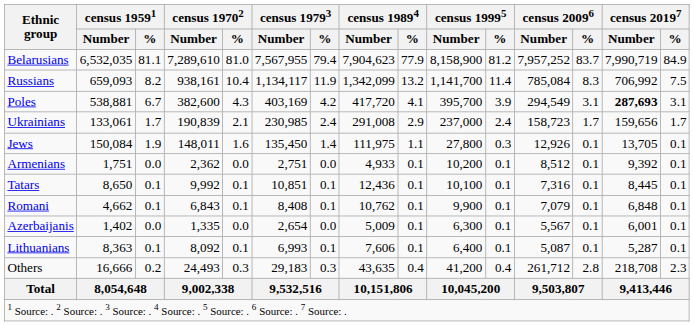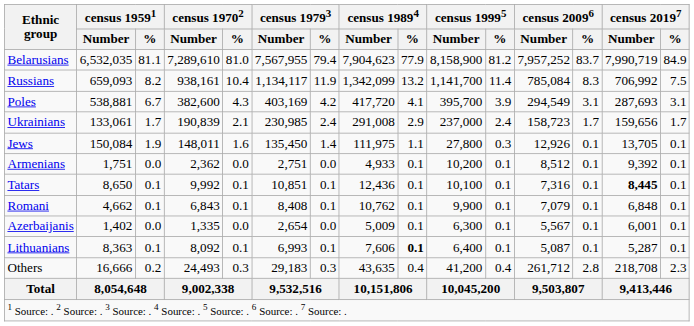 <table class="wikitable">
 <tr bgcolor="#e0e0e0">
 <th rowspan="2">Ethnic<br>group</th>
 <th colspan="2">census 1959<sup>1</sup></th>
 <th colspan="2">census 1970<sup>2</sup></th>
 <th colspan="2">census 1979<sup>3</sup></th>
 <th colspan="2">census 1989<sup>4</sup></th>
 <th colspan="2">census 1999<sup>5</sup></th>
 <th colspan="2">census 2009<sup>6</sup></th>
 <th colspan="2">census 2019<sup>7</sup></th>
 </tr>
 <tr bgcolor="#e0e0e0">
 <th>Number</th>
 <th>%</th>
 <th>Number</th>
 <th>%</th>
 <th>Number</th>
 <th>%</th>
 <th>Number</th>
 <th>%</th>
 <th>Number</th>
 <th>%</th>
 <th>Number</th>
 <th>%</th>
 <th>Number</th>
 <th>%</th>
 </tr>
 <tr>
 <td><a href='#'>Belarusians</a></td>
 <td align="right">6,532,035</td>
 <td align="right">81.1</td>
 <td align="right">7,289,610</td>
 <td align="right">81.0</td>
 <td align="right">7,567,955</td>
 <td align="right">79.4</td>
 <td align="right">7,904,623</td>
 <td align="right">77.9</td>
 <td align="right">8,158,900</td>
 <td align="right">81.2</td>
 <td align="right">7,957,252</td>
 <td align="right">83.7</td>
 <td align="right">7,990,719</td>
 <td align="right">84.9</td>
 </tr>
 <tr>
 <td><a href='#'>Russians</a></td>
 <td align="right">659,093</td>
 <td align="right">8.2</td>
 <td align="right">938,161</td>
 <td align="right">10.4</td>
 <td align="right">1,134,117</td>
 <td align="right">11.9</td>
 <td align="right">1,342,099</td>
 <td align="right">13.2</td>
 <td align="right">1,141,700</td>
 <td align="right">11.4</td>
 <td align="right">785,084</td>
 <td align="right">8.3</td>
 <td align="right">706,992</td>
 <td align="right">7.5</td>
 </tr>
 <tr>
 <td><a href='#'>Poles</a></td>
 <td align="right">538,881</td>
 <td align="right">6.7</td>
 <td align="right">382,600</td>
 <td align="right">4.3</td>
 <td align="right">403,169</td>
 <td align="right">4.2</td>
 <td align="right">417,720</td>
 <td align="right">4.1</td>
 <td align="right">395,700</td>
 <td align="right">3.9</td>
 <td align="right">294,549</td>
 <td align="right">3.1</td>
-<td align="right"><strong>287,693</strong></td>
+<td align="right">287,693</td>
 <td align="right">3.1</td>
 </tr>
 <tr>
 <td><a href='#'>Ukrainians</a></td>
 <td align="right">133,061</td>
 <td align="right">1.7</td>
 <td align="right">190,839</td>
 <td align="right">2.1</td>
 <td align="right">230,985</td>
 <td align="right">2.4</td>
 <td align="right">291,008</td>
 <td align="right">2.9</td>
 <td align="right">237,000</td>
 <td align="right">2.4</td>
 <td align="right">158,723</td>
 <td align="right">1.7</td>
 <td align="right">159,656</td>
 <td align="right">1.7</td>
 </tr>
 <tr>
 <td><a href='#'>Jews</a></td>
 <td align="right">150,084</td>
 <td align="right">1.9</td>
 <td align="right">148,011</td>
 <td align="right">1.6</td>
 <td align="right">135,450</td>
 <td align="right">1.4</td>
 <td align="right">111,975</td>
 <td align="right">1.1</td>
 <td align="right">27,800</td>
 <td align="right">0.3</td>
 <td align="right">12,926</td>
 <td align="right">0.1</td>
 <td align="right">13,705</td>
 <td align="right">0.1</td>
 </tr>
 <tr>
 <td><a href='#'>Armenians</a></td>
 <td align="right">1,751</td>
 <td align="right">0.0</td>
 <td align="right">2,362</td>
 <td align="right">0.0</td>
 <td align="right">2,751</td>
 <td align="right">0.0</td>
 <td align="right">4,933</td>
 <td align="right">0.1</td>
 <td align="right">10,200</td>
 <td align="right">0.1</td>
 <td align="right">8,512</td>
 <td align="right">0.1</td>
 <td align="right">9,392</td>
 <td align="right">0.1</td>
 </tr>
 <tr>
 <td><a href='#'>Tatars</a></td>
 <td align="right">8,650</td>
 <td align="right">0.1</td>
 <td align="right">9,992</td>
 <td align="right">0.1</td>
 <td align="right">10,851</td>
 <td align="right">0.1</td>
 <td align="right">12,436</td>
 <td align="right">0.1</td>
 <td align="right">10,100</td>
 <td align="right">0.1</td>
 <td align="right">7,316</td>
 <td align="right">0.1</td>
-<td align="right">8,445</td>
+<td align="right"><strong>8,445</strong></td>
 <td align="right">0.1</td>
 </tr>
 <tr>
 <td><a href='#'>Romani</a></td>
 <td align="right">4,662</td>
 <td align="right">0.1</td>
 <td align="right">6,843</td>
 <td align="right">0.1</td>
 <td align="right">8,408</td>
 <td align="right">0.1</td>
 <td align="right">10,762</td>
 <td align="right">0.1</td>
 <td align="right">9,900</td>
 <td align="right">0.1</td>
 <td align="right">7,079</td>
 <td align="right">0.1</td>
 <td align="right">6,848</td>
 <td align="right">0.1</td>
 </tr>
 <tr>
 <td><a href='#'>Azerbaijanis</a></td>
 <td align="right">1,402</td>
 <td align="right">0.0</td>
 <td align="right">1,335</td>
 <td align="right">0.0</td>
 <td align="right">2,654</td>
 <td align="right">0.0</td>
 <td align="right">5,009</td>
 <td align="right">0.1</td>
 <td align="right">6,300</td>
 <td align="right">0.1</td>
 <td align="right">5,567</td>
 <td align="right">0.1</td>
 <td align="right">6,001</td>
 <td align="right">0.1</td>
 </tr>
 <tr>
 <td><a href='#'>Lithuanians</a></td>
 <td align="right">8,363</td>
 <td align="right">0.1</td>
 <td align="right">8,092</td>
 <td align="right">0.1</td>
 <td align="right">6,993</td>
 <td align="right">0.1</td>
 <td align="right">7,606</td>
-<td align="right">0.1</td>
+<td align="right"><strong>0.1</strong></td>
 <td align="right">6,400</td>
 <td align="right">0.1</td>
 <td align="right">5,087</td>
 <td align="right">0.1</td>
 <td align="right">5,287</td>
 <td align="right">0.1</td>
 </tr>
 <tr>
 <td>Others</td>
 <td align="right">16,666</td>
 <td align="right">0.2</td>
 <td align="right">24,493</td>
 <td align="right">0.3</td>
 <td align="right">29,183</td>
 <td align="right">0.3</td>
 <td align="right">43,635</td>
 <td align="right">0.4</td>
 <td align="right">41,200</td>
 <td align="right">0.4</td>
 <td align="right">261,712</td>
 <td align="right">2.8</td>
 <td align="right">218,708</td>
 <td align="right">2.3</td>
 </tr>
 <tr bgcolor="#e0e0e0">
 <th align="left">Total</th>
 <th colspan="2">8,054,648</th>
 <th colspan="2">9,002,338</th>
 <th colspan="2">9,532,516</th>
 <th colspan="2">10,151,806</th>
 <th colspan="2">10,045,200</th>
 <th colspan="2">9,503,807</th>
 <th colspan="2">9,413,446</th>
 </tr>
 <tr>
 <td colspan="15"><small><sup>1</sup> Source: . <sup>2</sup> Source: . <sup>3</sup> Source: . <sup>4</sup> Source: . <sup>5</sup> Source: . <sup>6</sup> Source: . <sup>7</sup> Source: .</small></td>
 </tr>
 </table>
